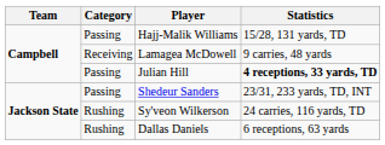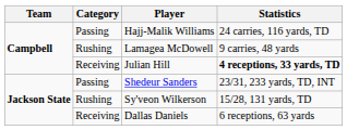 <table class="wikitable" style="float: left;">
 <tr>
 <th>Team</th>
 <th>Category</th>
 <th>Player</th>
 <th>Statistics</th>
 </tr>
 <tr>
 <td rowspan=3><strong>Campbell</strong></td>
 <td>Passing</td>
 <td>Hajj-Malik Williams</td>
-<td>15/28, 131 yards, TD</td>
+<td>24 carries, 116 yards, TD</td>
 </tr>
 <tr>
-<td>Receiving</td>
+<td>Rushing</td>
 <td>Lamagea McDowell</td>
 <td>9 carries, 48 yards</td>
 </tr>
 <tr>
-<td>Passing</td>
+<td>Receiving</td>
 <td>Julian Hill</td>
 <td><strong>4 receptions, 33 yards, TD</strong></td>
 </tr>
 <tr>
 <td rowspan=3><strong>Jackson State</strong></td>
 <td>Passing</td>
 <td><a href='#'>Shedeur Sanders</a></td>
 <td>23/31, 233 yards, TD, INT</td>
 </tr>
 <tr>
 <td>Rushing</td>
 <td>Sy'veon Wilkerson</td>
-<td>24 carries, 116 yards, TD</td>
+<td>15/28, 131 yards, TD</td>
 </tr>
 <tr>
-<td>Rushing</td>
+<td>Receiving</td>
 <td>Dallas Daniels</td>
 <td>6 receptions, 63 yards</td>
 </tr>
 </table>
